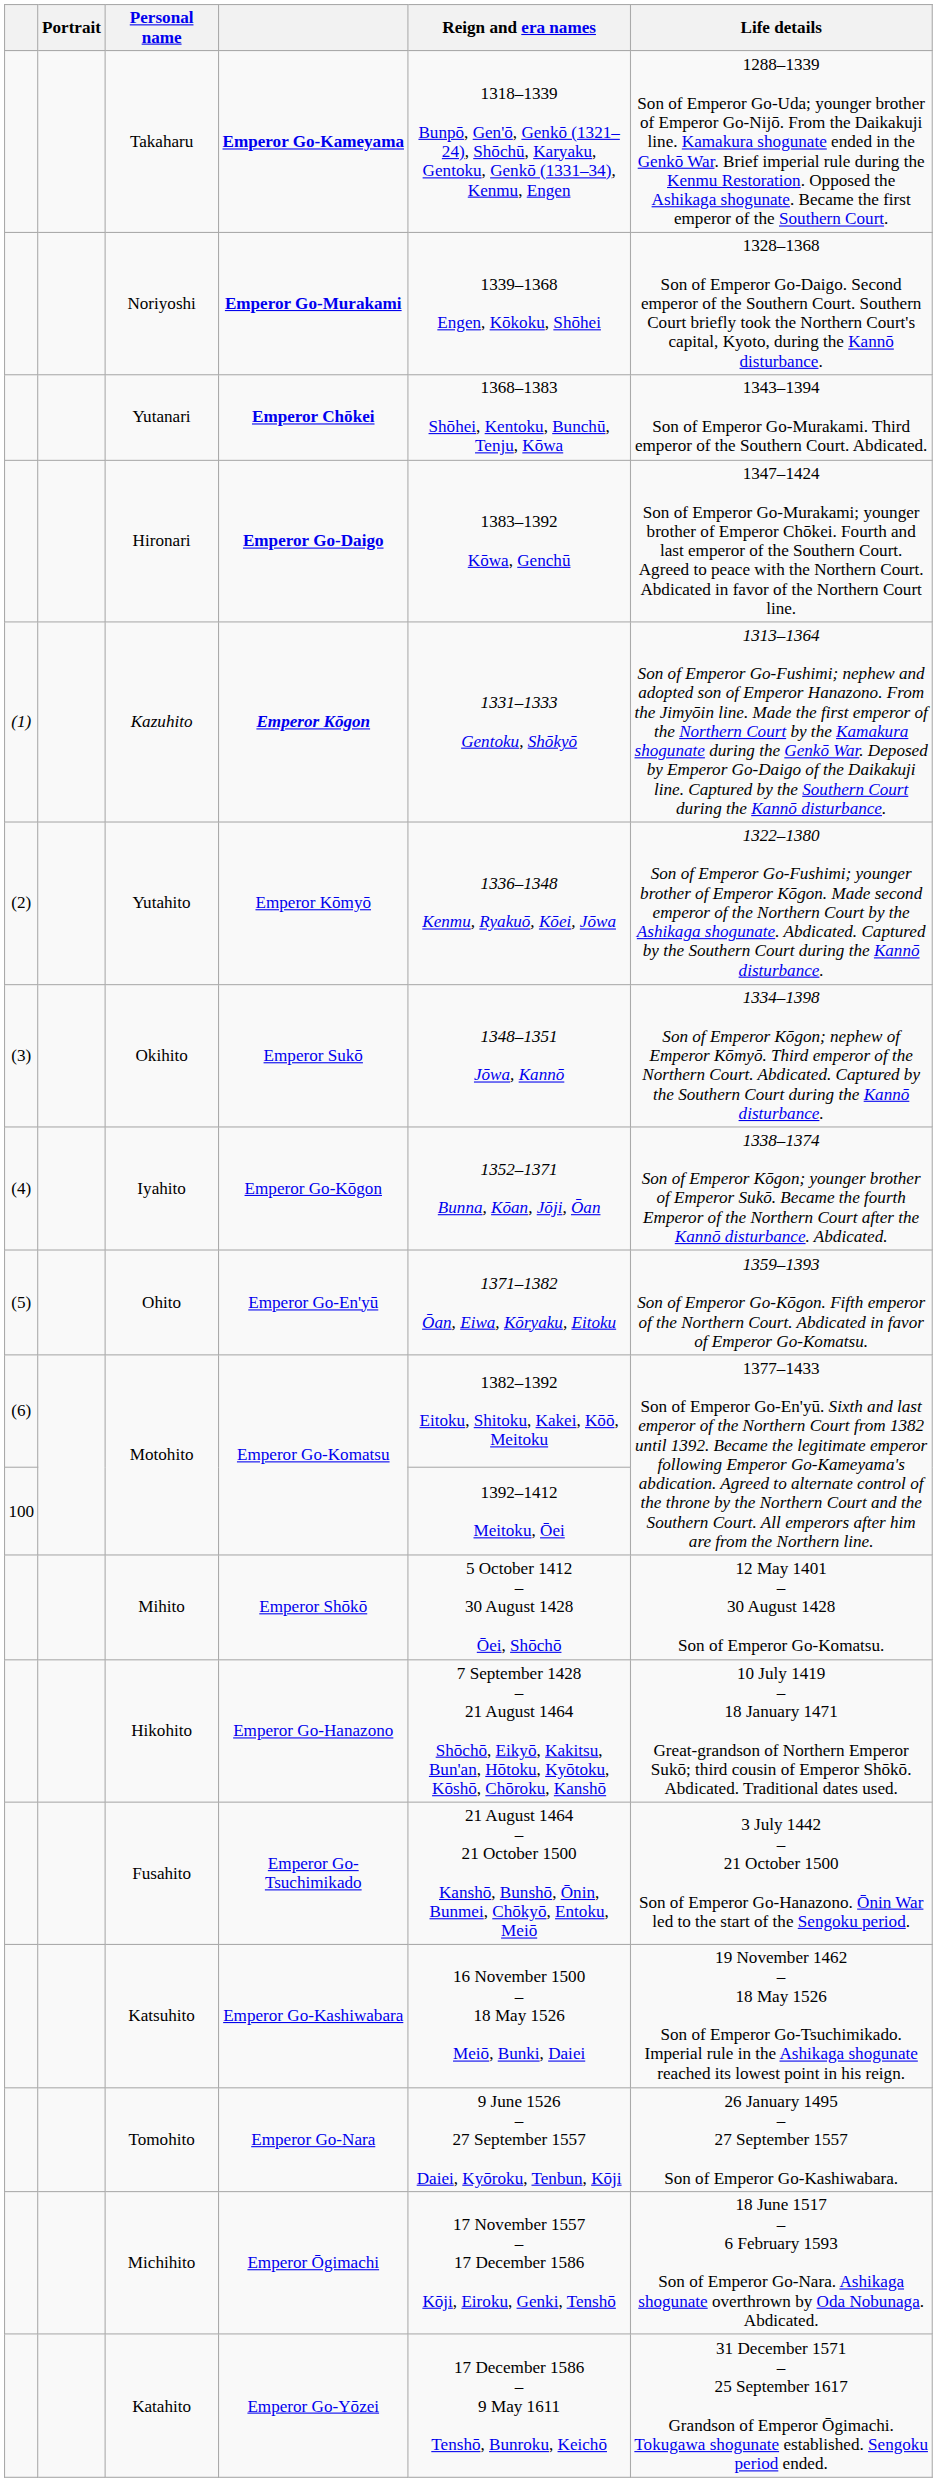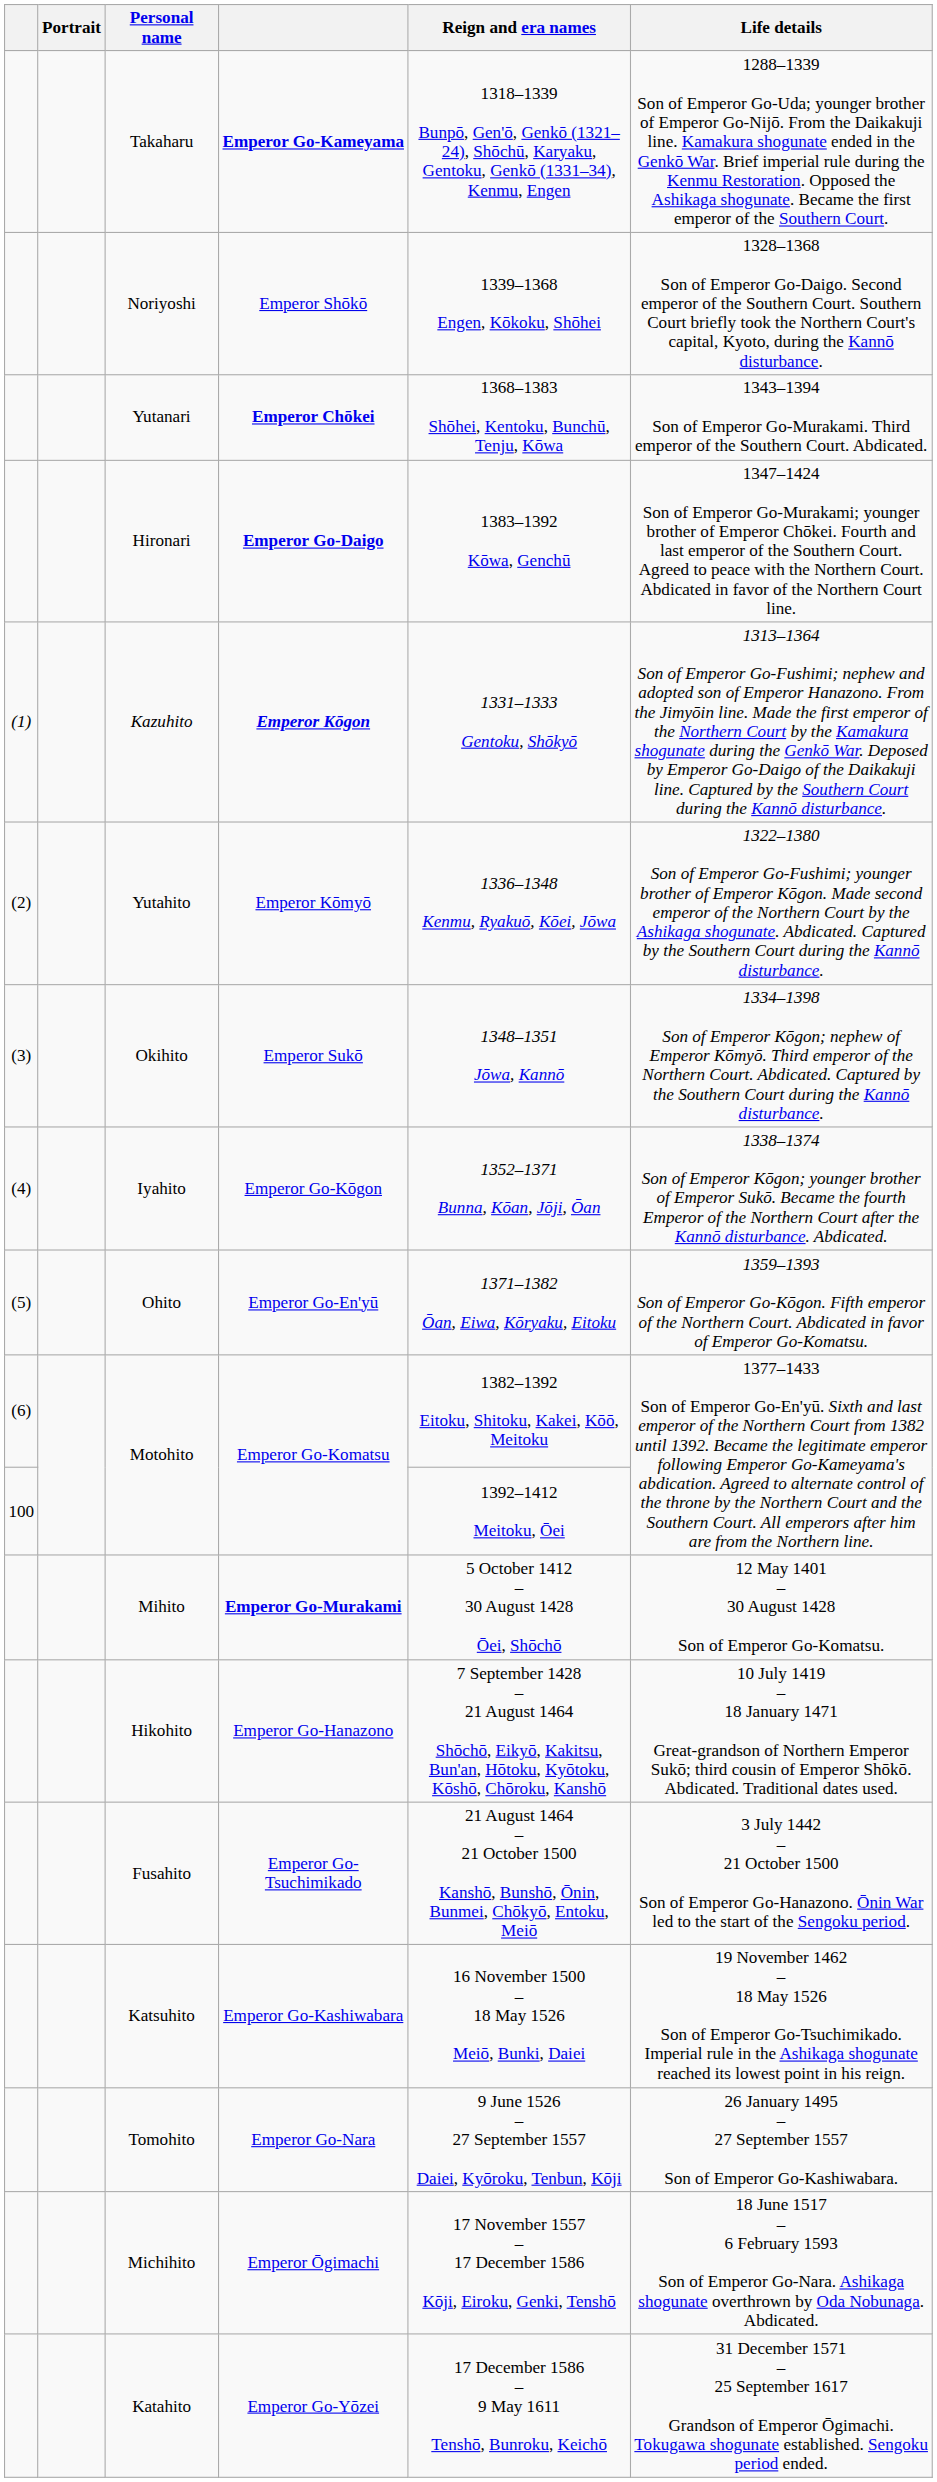 <table class="wikitable mw-collapsible" style="text-align:center">
 <tr>
 <th scope="col"></th>
 <th class="unsortable">Portrait</th>
 <th scope="col"><a href='#'>Personal name</a></th>
 <th scope="col"></th>
 <th scope="col" width="200px" class="unsortable">Reign and <a href='#'>era names</a></th>
 <th scope="col" width="275px" class="unsortable">Life details</th>
 </tr>
 <tr>
 <td></td>
 <td></td>
 <td>Takaharu<br></td>
 <td><strong><a href='#'>Emperor Go-Kameyama</a></strong><br></td>
 <td>1318–1339<br><br><a href='#'>Bunpō</a>, <a href='#'>Gen'ō</a>, <a href='#'>Genkō (1321–24)</a>, <a href='#'>Shōchū</a>, <a href='#'>Karyaku</a>, <a href='#'>Gentoku</a>, <a href='#'>Genkō (1331–34)</a>, <a href='#'>Kenmu</a>, <a href='#'>Engen</a></td>
 <td>1288–1339<br><br>Son of Emperor Go-Uda; younger brother of Emperor Go-Nijō. From the Daikakuji line. <a href='#'>Kamakura shogunate</a> ended in the <a href='#'>Genkō War</a>. Brief imperial rule during the <a href='#'>Kenmu Restoration</a>. Opposed the <a href='#'>Ashikaga shogunate</a>. Became the first emperor of the <a href='#'>Southern Court</a>.<strong></strong></td>
 </tr>
 <tr>
 <td></td>
 <td></td>
 <td>Noriyoshi<br></td>
-<td><strong><a href='#'>Emperor Go-Murakami</a></strong><br></td>
+<td></strong><a href='#'>Emperor Shōkō</a><strong><br></td>
 <td>1339–1368<br><br><a href='#'>Engen</a>, <a href='#'>Kōkoku</a>, <a href='#'>Shōhei</a></td>
 <td>1328–1368<br><br>Son of Emperor Go-Daigo. Second emperor of the Southern Court. Southern Court briefly took the Northern Court's capital, Kyoto, during the <a href='#'>Kannō disturbance</a>.<strong></strong></td>
 </tr>
 <tr>
 <td></td>
 <td></td>
 <td>Yutanari<br></td>
 <td><strong><a href='#'>Emperor Chōkei</a></strong><br></td>
 <td>1368–1383<br><br><a href='#'>Shōhei</a>, <a href='#'>Kentoku</a>, <a href='#'>Bunchū</a>, <a href='#'>Tenju</a>, <a href='#'>Kōwa</a></td>
 <td>1343–1394<br><br>Son of Emperor Go-Murakami. Third emperor of the Southern Court. Abdicated.<strong></strong></td>
 </tr>
 <tr>
 <td></td>
 <td></td>
 <td>Hironari<br></td>
 <td><strong><a href='#'>Emperor Go-Daigo</a></strong><br></td>
 <td>1383–1392<br><br><a href='#'>Kōwa</a>, <a href='#'>Genchū</a></td>
 <td> 1347–1424<br><br>Son of Emperor Go-Murakami; younger brother of Emperor Chōkei. Fourth and last emperor of the Southern Court. Agreed to peace with the Northern Court. Abdicated in favor of the Northern Court line.<strong></strong></td>
 </tr>
 <tr>
 <td><em>(1)</em></td>
 <td></td>
 <td><em>Kazuhito<br></em></td>
 <td><strong><em><a href='#'>Emperor Kōgon</a></em></strong><br></td>
 <td><em>1331–1333<br></em><br><em><a href='#'>Gentoku</a>, <a href='#'>Shōkyō</a></em></td>
 <td><em>1313–1364<br></em><br><em>Son of Emperor Go-Fushimi; nephew and adopted son of Emperor Hanazono. From the Jimyōin line. Made the first emperor of the <a href='#'>Northern Court</a> by the <a href='#'>Kamakura shogunate</a> during the <a href='#'>Genkō War</a>. Deposed by Emperor Go-Daigo of the Daikakuji line. Captured by the <a href='#'>Southern Court</a> during the <a href='#'>Kannō disturbance</a>.<strong><strong><em></td>
 </tr>
 <tr>
 <td></em>(2)<em></td>
 <td></td>
 <td></em>Yutahito<br><em></td>
 <td></em></strong><a href='#'>Emperor Kōmyō</a></strong><br></em></td>
 <td><em>1336–1348<br></em><br><em><a href='#'>Kenmu</a>, <a href='#'>Ryakuō</a>, <a href='#'>Kōei</a>, <a href='#'>Jōwa</a></em></td>
 <td><em>1322–1380<br></em><br><em>Son of Emperor Go-Fushimi; younger brother of Emperor Kōgon. Made second emperor of the Northern Court by the <a href='#'>Ashikaga shogunate</a>. Abdicated. Captured by the Southern Court during the <a href='#'>Kannō disturbance</a>.<strong><strong><em></td>
 </tr>
 <tr>
 <td></em>(3)<em></td>
 <td></td>
 <td></em>Okihito<em></em><br><em></td>
 <td></em></strong><a href='#'>Emperor Sukō</a></strong><br></em></td>
 <td><em>1348–1351<br></em><br><em><a href='#'>Jōwa</a>, <a href='#'>Kannō</a></em></td>
 <td><em>1334–1398<br></em><br><em>Son of Emperor Kōgon; nephew of Emperor Kōmyō. Third emperor of the Northern Court. Abdicated. Captured by the Southern Court during the <a href='#'>Kannō disturbance</a>.<strong><strong><em></td>
 </tr>
 <tr>
 <td></em>(4)<em></td>
 <td></td>
 <td></em>Iyahito<br><em></td>
 <td></em></strong><a href='#'>Emperor Go-Kōgon</a></strong><br></em></td>
 <td><em>1352–1371<br></em><br><em><a href='#'>Bunna</a>, <a href='#'>Kōan</a>, <a href='#'>Jōji</a>, <a href='#'>Ōan</a></em></td>
 <td><em>1338–1374<br></em><br><em>Son of Emperor Kōgon; younger brother of Emperor Sukō. Became the fourth Emperor of the Northern Court after the <a href='#'>Kannō disturbance</a>. Abdicated.<strong><strong><em></td>
 </tr>
 <tr>
 <td></em>(5)<em></td>
 <td></td>
 <td></em>Ohito<br><em></td>
 <td></em></strong><a href='#'>Emperor Go-En'yū</a></strong><br></em></td>
 <td><em>1371–1382<br></em><br><em><a href='#'>Ōan</a>, <a href='#'>Eiwa</a>, <a href='#'>Kōryaku</a>, <a href='#'>Eitoku</a></em></td>
 <td><em>1359–1393<br></em><br><em>Son of Emperor Go-Kōgon. Fifth emperor of the Northern Court. Abdicated in favor of Emperor Go-Komatsu.<strong><strong><em></td>
 </tr>
 <tr>
 <td></em>(6)<em></td>
 <td rowspan="2"></td>
 <td rowspan="2">Motohito<br></td>
 <td rowspan="2"></strong><a href='#'>Emperor Go-Komatsu</a><strong><br></td>
 <td></em>1382–1392<br><em><br></em><a href='#'>Eitoku</a>, <a href='#'>Shitoku</a>, <a href='#'>Kakei</a>, <a href='#'>Kōō</a>, <a href='#'>Meitoku</a><em></td>
 <td rowspan="2">1377–1433<br><br>Son of Emperor Go-En'yū</em>.<em> Sixth and last emperor of the Northern Court from 1382 until 1392. Became the legitimate emperor following Emperor Go-Kameyama's abdication. Agreed to alternate control of the throne by the Northern Court and the Southern Court. All emperors after him are from the Northern line.</em></strong><strong><em></td>
 </tr>
 <tr>
 <td>100</td>
 <td>1392–1412<br><br><a href='#'>Meitoku</a>, <a href='#'>Ōei</a></td>
 </tr>
 <tr>
 <td></td>
 <td></td>
 <td>Mihito<br></td>
-<td></strong><a href='#'>Emperor Shōkō</a><strong><br></td>
+<td><strong><a href='#'>Emperor Go-Murakami</a></strong><br></td>
 <td>5 October 1412<br>–<br>30 August 1428<br><br><a href='#'>Ōei</a>, <a href='#'>Shōchō</a></td>
 <td>12 May 1401<br>–<br>30 August 1428<br><br>Son of Emperor Go-Komatsu.</strong><strong></td>
 </tr>
 <tr>
 <td></td>
 <td></td>
 <td>Hikohito<br></td>
 <td></strong><a href='#'>Emperor Go-Hanazono</a><strong><br></td>
 <td>7 September 1428<br>–<br>21 August 1464<br><br><a href='#'>Shōchō</a>, <a href='#'>Eikyō</a>, <a href='#'>Kakitsu</a>, <a href='#'>Bun'an</a>, <a href='#'>Hōtoku</a>, <a href='#'>Kyōtoku</a>, <a href='#'>Kōshō</a>, <a href='#'>Chōroku</a>, <a href='#'>Kanshō</a></td>
 <td>10 July 1419<br>–<br>18 January 1471<br><br>Great-grandson of Northern Emperor Sukō; third cousin of Emperor Shōkō. Abdicated. Traditional dates used.</strong><strong></td>
 </tr>
 <tr>
 <td></td>
 <td></td>
 <td>Fusahito<br></td>
 <td></strong><a href='#'>Emperor Go-Tsuchimikado</a><strong><br></td>
 <td>21 August 1464<br>–<br>21 October 1500<br><br><a href='#'>Kanshō</a>, <a href='#'>Bunshō</a>, <a href='#'>Ōnin</a>, <a href='#'>Bunmei</a>, <a href='#'>Chōkyō</a>, <a href='#'>Entoku</a>, <a href='#'>Meiō</a></td>
 <td>3 July 1442<br>–<br>21 October 1500<br><br>Son of Emperor Go-Hanazono. <a href='#'>Ōnin War</a> led to the start of the <a href='#'>Sengoku period</a>.</strong><strong></td>
 </tr>
 <tr>
 <td></td>
 <td></td>
 <td>Katsuhito<br></td>
 <td></strong><a href='#'>Emperor Go-Kashiwabara</a><strong><br></td>
 <td>16 November 1500<br>–<br>18 May 1526<br><br><a href='#'>Meiō</a>, <a href='#'>Bunki</a>, <a href='#'>Daiei</a></td>
 <td>19 November 1462<br>–<br>18 May 1526<br><br>Son of Emperor Go-Tsuchimikado. Imperial rule in the <a href='#'>Ashikaga shogunate</a> reached its lowest point in his reign.</td>
 </tr>
 <tr>
 <td></td>
 <td></td>
 <td>Tomohito<br></td>
 <td></strong><a href='#'>Emperor Go-Nara</a><strong><br></td>
 <td>9 June 1526<br>–<br>27 September 1557<br><br><a href='#'>Daiei</a>, <a href='#'>Kyōroku</a>, <a href='#'>Tenbun</a>, <a href='#'>Kōji</a></td>
 <td>26 January 1495<br>–<br>27 September 1557<br><br>Son of Emperor Go-Kashiwabara.</td>
 </tr>
 <tr>
 <td></td>
 <td></td>
 <td>Michihito<br></td>
 <td></strong><a href='#'>Emperor Ōgimachi</a><strong><br></td>
 <td>17 November 1557<br>–<br>17 December 1586<br><br><a href='#'>Kōji</a>, <a href='#'>Eiroku</a>, <a href='#'>Genki</a>, <a href='#'>Tenshō</a></td>
 <td>18 June 1517<br>–<br>6 February 1593<br><br>Son of Emperor Go-Nara. <a href='#'>Ashikaga shogunate</a> overthrown by <a href='#'>Oda Nobunaga</a>. Abdicated.</strong><strong></td>
 </tr>
 <tr>
 <td></td>
 <td></td>
 <td>Katahito<br></td>
 <td></strong><a href='#'>Emperor Go-Yōzei</a><strong><br></td>
 <td>17 December 1586<br>–<br>9 May 1611<br><br><a href='#'>Tenshō</a>, <a href='#'>Bunroku</a>, <a href='#'>Keichō</a></td>
 <td>31 December 1571<br>–<br>25 September 1617<br><br>Grandson of Emperor Ōgimachi. <a href='#'>Tokugawa shogunate</a> established. <a href='#'>Sengoku period</a> ended.</strong><strong></td>
 </tr>
 </table>
